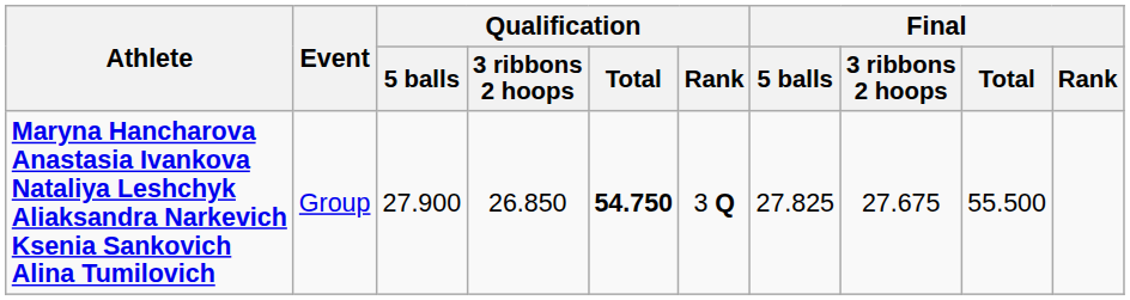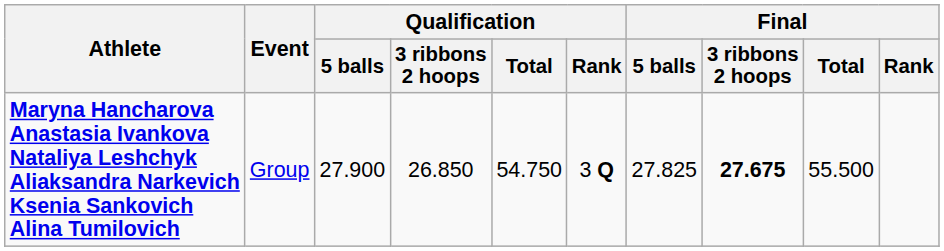 <table class="wikitable" style="font-size:90%">
 <tr>
 <th rowspan="2">Athlete</th>
 <th rowspan="2">Event</th>
 <th colspan="4">Qualification</th>
 <th colspan="4">Final</th>
 </tr>
 <tr style="font-size:95%">
 <th>5 balls</th>
 <th>3 ribbons <br>2 hoops</th>
 <th>Total</th>
 <th>Rank</th>
 <th>5 balls</th>
 <th>3 ribbons <br>2 hoops</th>
 <th>Total</th>
 <th>Rank</th>
 </tr>
 <tr align=center>
 <td align=left><strong><a href='#'>Maryna Hancharova</a><br><a href='#'>Anastasia Ivankova</a><br><a href='#'>Nataliya Leshchyk</a><br><a href='#'>Aliaksandra Narkevich</a><br><a href='#'>Ksenia Sankovich</a><br><a href='#'>Alina Tumilovich</a></strong></td>
 <td align=left><a href='#'>Group</a></td>
 <td>27.900</td>
 <td>26.850</td>
-<td><strong>54.750</strong></td>
+<td>54.750</td>
 <td>3 <strong>Q</strong></td>
 <td>27.825</td>
-<td>27.675</td>
+<td><strong>27.675</strong></td>
 <td>55.500</td>
 <td></td>
 </tr>
 </table>
